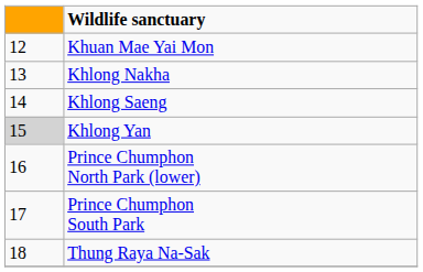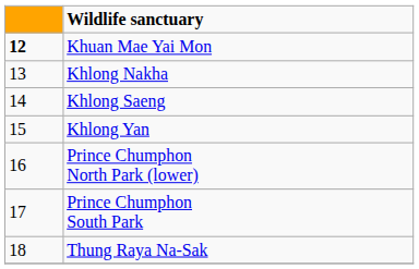 <table class= "wikitable" style= "width:30%; display:inline-table;">
 <tr>
 <td style="width=3%; background:#FFA400;"> </td>
 <td style="width=27%;"><strong>Wildlife sanctuary</strong></td>
 </tr>
 <tr>
-<td>12</td>
+<td><strong>12</strong></td>
 <td><a href='#'>Khuan Mae Yai Mon</a></td>
 </tr>
 <tr>
 <td>13</td>
 <td><a href='#'>Khlong Nakha</a></td>
 </tr>
 <tr>
 <td>14</td>
 <td><a href='#'>Khlong Saeng</a></td>
 </tr>
 <tr>
-<td style="background: lightgrey;">15</td>
+<td>15</td>
 <td><a href='#'>Khlong Yan</a></td>
 </tr>
 <tr>
 <td>16</td>
 <td><a href='#'>Prince Chumphon<br>North Park (lower)</a></td>
 </tr>
 <tr>
 <td>17</td>
 <td><a href='#'>Prince Chumphon<br>South Park</a></td>
 </tr>
 <tr>
 <td>18</td>
 <td><a href='#'>Thung Raya Na-Sak</a></td>
 </tr>
 <tr>
 </tr>
 </table>
